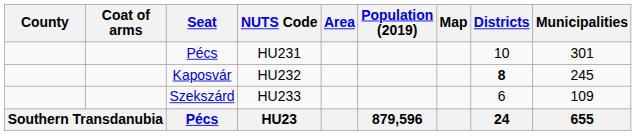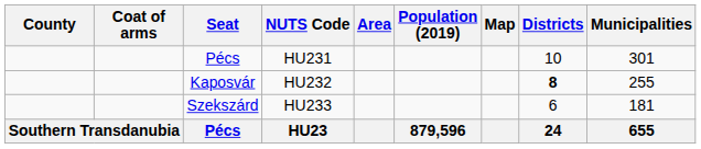 <table class="wikitable" style="text-align:center;" style="font-size: 85%">
 <tr>
 <th>County</th>
 <th class="unsortable">Coat of<br> arms</th>
 <th><a href='#'>Seat</a></th>
 <th><a href='#'>NUTS</a> Code</th>
 <th><a href='#'>Area</a></th>
 <th><a href='#'>Population</a><br>(2019)</th>
 <th>Map</th>
 <th><a href='#'>Districts</a></th>
 <th>Municipalities</th>
 </tr>
 <tr>
 <td align="left"></td>
 <td align="center"></td>
 <td><a href='#'>Pécs</a></td>
 <td>HU231</td>
 <td></td>
 <td></td>
 <td></td>
 <td>10</td>
 <td>301</td>
 </tr>
 <tr>
 <td align="left"></td>
 <td align="center"></td>
 <td><a href='#'>Kaposvár</a></td>
 <td>HU232</td>
 <td></td>
 <td></td>
 <td></td>
 <td><strong>8</strong></td>
-<td>245</td>
+<td>255</td>
 </tr>
 <tr>
 <td align="left"></td>
 <td align="center"></td>
 <td><a href='#'>Szekszárd</a></td>
 <td>HU233</td>
 <td></td>
 <td></td>
 <td></td>
 <td>6</td>
-<td>109</td>
+<td>181</td>
 </tr>
 <tr>
 <th colspan="2">Southern Transdanubia</th>
 <th><a href='#'>Pécs</a></th>
 <th>HU23</th>
 <th></th>
 <th>879,596</th>
 <th></th>
 <th>24</th>
 <th>655</th>
 </tr>
 </table>
